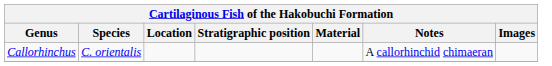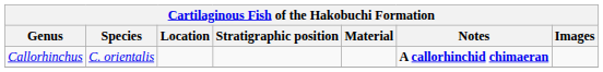 <table class="wikitable" align="center">
 <tr>
 <th colspan="7" align="center"><a href='#'>Cartilaginous Fish</a> of the Hakobuchi Formation</th>
 </tr>
 <tr>
 <th>Genus</th>
 <th>Species</th>
 <th>Location</th>
 <th>Stratigraphic position</th>
 <th>Material</th>
 <th>Notes</th>
 <th>Images</th>
 </tr>
 <tr>
 <td><em><a href='#'>Callorhinchus</a></em></td>
 <td><em><a href='#'>C. orientalis</a></em></td>
 <td></td>
 <td></td>
 <td></td>
-<td>A <a href='#'>callorhinchid</a> <a href='#'>chimaeran</a></td>
+<td><strong>A <a href='#'>callorhinchid</a> <a href='#'>chimaeran</a></strong></td>
 <td></td>
 </tr>
 <tr>
 </tr>
 </table>
